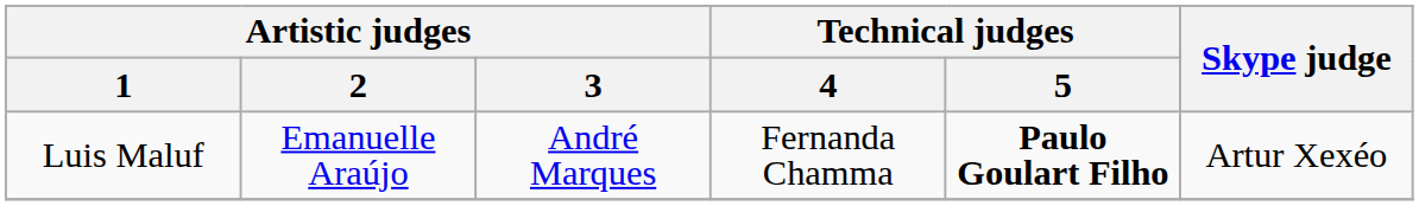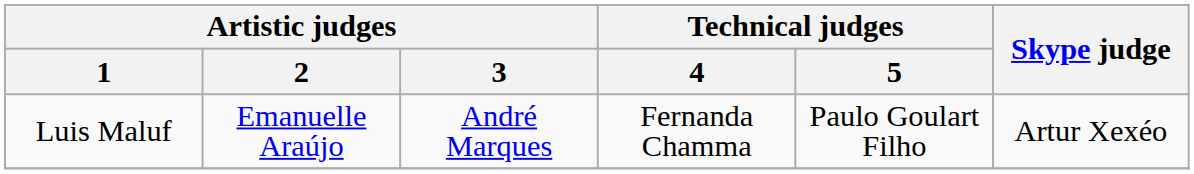 <table class="wikitable" style="font-size:100%; line-height:16px; text-align:center" width="100%">
 <tr>
 <th colspan=3 width="50.0%">Artistic judges</th>
 <th colspan=2 width="33.3%">Technical judges</th>
 <th rowspan=2 width="16.7%"><a href='#'>Skype</a> judge<br></th>
 </tr>
 <tr>
 <th width="16.7%">1</th>
 <th width="16.7%">2</th>
 <th width="16.7%">3</th>
 <th width="16.7%">4</th>
 <th width="16.7%">5</th>
 </tr>
 <tr>
 <td>Luis Maluf</td>
 <td><a href='#'>Emanuelle Araújo</a></td>
 <td><a href='#'>André Marques</a></td>
 <td>Fernanda Chamma</td>
-<td><strong>Paulo Goulart Filho</strong></td>
+<td>Paulo Goulart Filho</td>
 <td>Artur Xexéo</td>
 </tr>
 <tr>
 </tr>
 </table>
